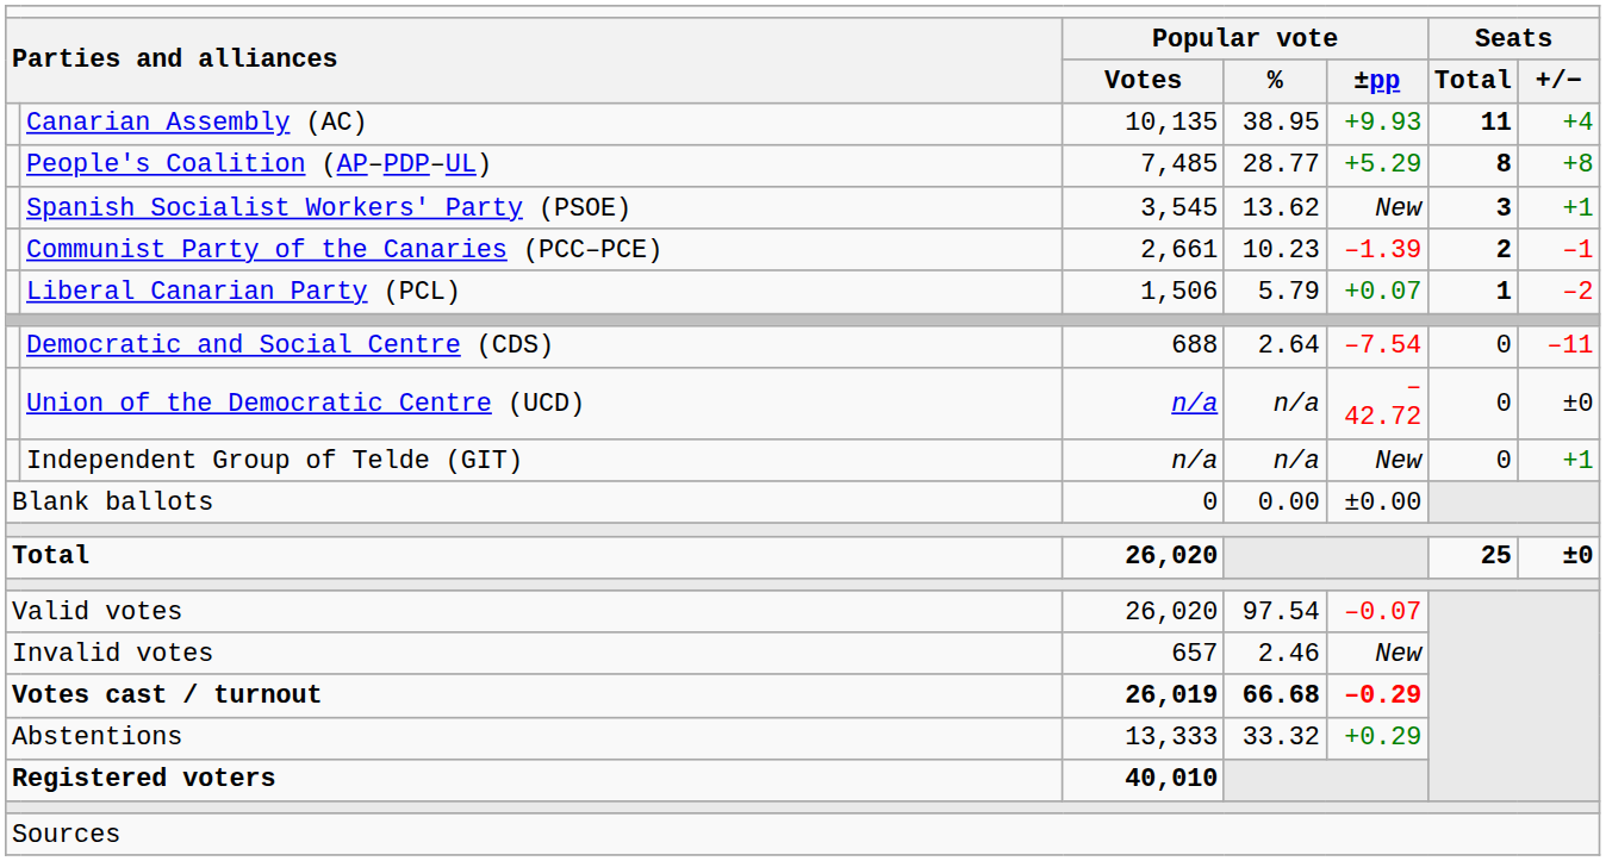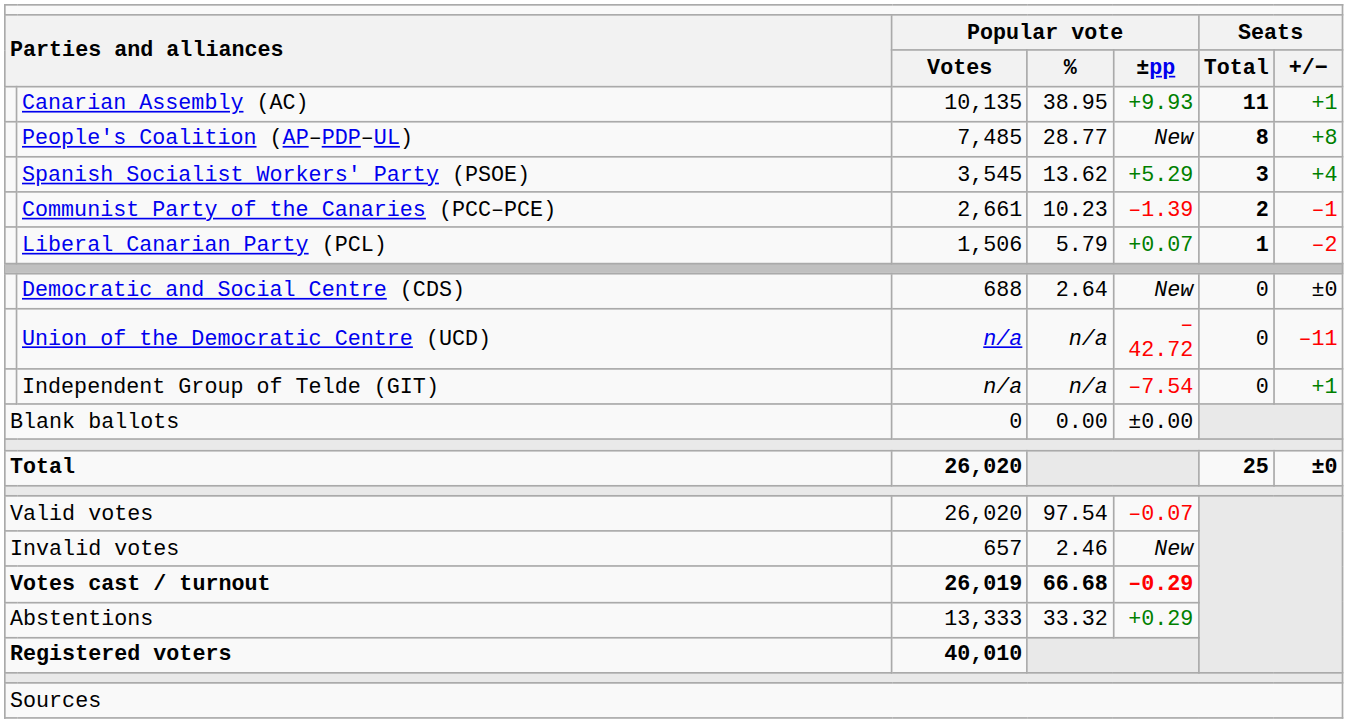 <table class="wikitable" style="text-align:right;">
 <tr>
 <td colspan="7"></td>
 </tr>
 <tr>
 <th style="text-align:left;" rowspan="2" colspan="2" width="525">Parties and alliances</th>
 <th colspan="3">Popular vote</th>
 <th colspan="2">Seats</th>
 </tr>
 <tr>
 <th width="75">Votes</th>
 <th width="45">%</th>
 <th width="45">±<a href='#'>pp</a></th>
 <th width="35">Total</th>
 <th width="35">+/−</th>
 </tr>
 <tr>
 <td width="1" style="color:inherit;background:"></td>
 <td align="left"><a href='#'>Canarian Assembly</a> (AC)</td>
 <td>10,135</td>
 <td>38.95</td>
 <td style="color:green;">+9.93</td>
 <td><strong>11</strong></td>
-<td style="color:green;">+4</td>
+<td style="color:green;">+1</td>
 </tr>
 <tr>
 <td style="color:inherit;background:"></td>
 <td align="left"><a href='#'>People's Coalition</a> (<a href='#'>AP</a>–<a href='#'>PDP</a>–<a href='#'>UL</a>)</td>
 <td>7,485</td>
 <td>28.77</td>
-<td style="color:green;">+5.29</td>
+<td><em>New</em></td>
 <td><strong>8</strong></td>
 <td style="color:green;">+8</td>
 </tr>
 <tr>
 <td style="color:inherit;background:"></td>
 <td align="left"><a href='#'>Spanish Socialist Workers' Party</a> (PSOE)</td>
 <td>3,545</td>
 <td>13.62</td>
-<td><em>New</em></td>
+<td style="color:green;">+5.29</td>
 <td><strong>3</strong></td>
-<td style="color:green;">+1</td>
+<td style="color:green;">+4</td>
 </tr>
 <tr>
 <td style="color:inherit;background:"></td>
 <td align="left"><a href='#'>Communist Party of the Canaries</a> (PCC–PCE)</td>
 <td>2,661</td>
 <td>10.23</td>
 <td style="color:red;">–1.39</td>
 <td><strong>2</strong></td>
 <td style="color:red;">–1</td>
 </tr>
 <tr>
 <td style="color:inherit;background:"></td>
 <td align="left"><a href='#'>Liberal Canarian Party</a> (PCL)</td>
 <td>1,506</td>
 <td>5.79</td>
 <td style="color:green;">+0.07</td>
 <td><strong>1</strong></td>
 <td style="color:red;">–2</td>
 </tr>
 <tr>
 <td colspan="7" bgcolor="#C0C0C0"></td>
 </tr>
 <tr>
 <td style="color:inherit;background:"></td>
 <td align="left"><a href='#'>Democratic and Social Centre</a> (CDS)</td>
 <td>688</td>
 <td>2.64</td>
-<td style="color:red;">–7.54</td>
+<td><em>New</em></td>
 <td>0</td>
-<td style="color:red;">–11</td>
+<td>±0</td>
 </tr>
 <tr>
 <td style="color:inherit;background:"></td>
 <td align="left"><a href='#'>Union of the Democratic Centre</a> (UCD)</td>
 <td><em><a href='#'>n/a</a></em></td>
 <td><em>n/a</em></td>
 <td style="color:red;">–42.72</td>
 <td>0</td>
-<td>±0</td>
+<td style="color:red;">–11</td>
 </tr>
 <tr>
 <td style="color:inherit;background:"></td>
 <td align="left">Independent Group of Telde (GIT)</td>
 <td><em>n/a</em></td>
 <td><em>n/a</em></td>
-<td><em>New</em></td>
+<td style="color:red;">–7.54</td>
 <td>0</td>
 <td style="color:green;">+1</td>
 </tr>
 <tr>
 <td align="left" colspan="2">Blank ballots</td>
 <td>0</td>
 <td>0.00</td>
 <td>±0.00</td>
 <td bgcolor="#E9E9E9" colspan="2"></td>
 </tr>
 <tr>
 <td colspan="7" bgcolor="#E9E9E9"></td>
 </tr>
 <tr style="font-weight:bold;">
 <td align="left" colspan="2">Total</td>
 <td>26,020</td>
 <td bgcolor="#E9E9E9" colspan="2"></td>
 <td>25</td>
 <td>±0</td>
 </tr>
 <tr>
 <td colspan="7" bgcolor="#E9E9E9"></td>
 </tr>
 <tr>
 <td align="left" colspan="2">Valid votes</td>
 <td>26,020</td>
 <td>97.54</td>
 <td style="color:red;">–0.07</td>
 <td bgcolor="#E9E9E9" colspan="2" rowspan="5"></td>
 </tr>
 <tr>
 <td align="left" colspan="2">Invalid votes</td>
 <td>657</td>
 <td>2.46</td>
 <td><em>New</em></td>
 </tr>
 <tr style="font-weight:bold;">
 <td align="left" colspan="2">Votes cast / turnout</td>
 <td>26,019</td>
 <td>66.68</td>
 <td style="color:red;">–0.29</td>
 </tr>
 <tr>
 <td align="left" colspan="2">Abstentions</td>
 <td>13,333</td>
 <td>33.32</td>
 <td style="color:green;">+0.29</td>
 </tr>
 <tr style="font-weight:bold;">
 <td align="left" colspan="2">Registered voters</td>
 <td>40,010</td>
 <td bgcolor="#E9E9E9" colspan="2"></td>
 </tr>
 <tr>
 <td colspan="7" bgcolor="#E9E9E9"></td>
 </tr>
 <tr>
 <td align="left" colspan="7">Sources</td>
 </tr>
 </table>
